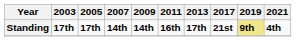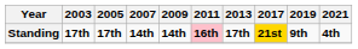 <table class="wikitable">
 <tr>
 <th>Year</th>
 <th>2003</th>
 <th>2005</th>
 <th>2007</th>
 <th>2009</th>
 <th>2011</th>
 <th>2013</th>
 <th>2017</th>
 <th>2019</th>
 <th>2021</th>
 </tr>
 <tr>
 <th>Standing</th>
 <td><strong>17th</strong></td>
 <td><strong>17th</strong></td>
 <td><strong>14th</strong></td>
 <td><strong>14th</strong></td>
-<td><strong>16th</strong></td>
+<td style="background: pink;"><strong>16th</strong></td>
 <td><strong>17th</strong></td>
-<td><strong>21st</strong></td>
-<td style="background: khaki;"><strong>9th</strong></td>
+<td style="background: gold;"><strong>21st</strong></td>
+<td><strong>9th</strong></td>
 <td><strong>4th</strong></td>
 </tr>
 <tr>
 </tr>
 </table>
